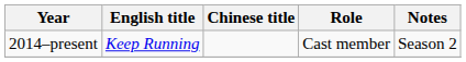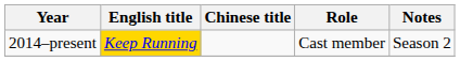 <table class="wikitable sortable">
 <tr>
 <th>Year</th>
 <th>English title</th>
 <th>Chinese title</th>
 <th>Role</th>
 <th>Notes</th>
 </tr>
 <tr>
 <td>2014–present</td>
-<td><em><a href='#'>Keep Running</a></em></td>
+<td style="background: gold;"><em><a href='#'>Keep Running</a></em></td>
 <td></td>
 <td>Cast member</td>
 <td>Season 2</td>
 </tr>
 <tr>
 </tr>
 </table>
